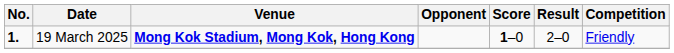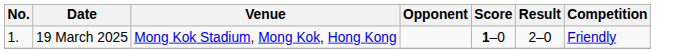 <table class="wikitable">
 <tr>
 <th>No.</th>
 <th>Date</th>
 <th>Venue</th>
 <th>Opponent</th>
 <th>Score</th>
 <th>Result</th>
 <th>Competition</th>
 </tr>
 <tr>
-<td><strong>1.</strong></td>
+<td>1.</td>
 <td>19 March 2025</td>
-<td><strong><a href='#'>Mong Kok Stadium</a>, <a href='#'>Mong Kok</a>, <a href='#'>Hong Kong</a></strong></td>
+<td><a href='#'>Mong Kok Stadium</a>, <a href='#'>Mong Kok</a>, <a href='#'>Hong Kong</a></td>
 <td></td>
 <td align=center><strong>1</strong>–0</td>
 <td align=center>2–0</td>
 <td><a href='#'>Friendly</a></td>
 </tr>
 <tr>
 </tr>
 </table>
